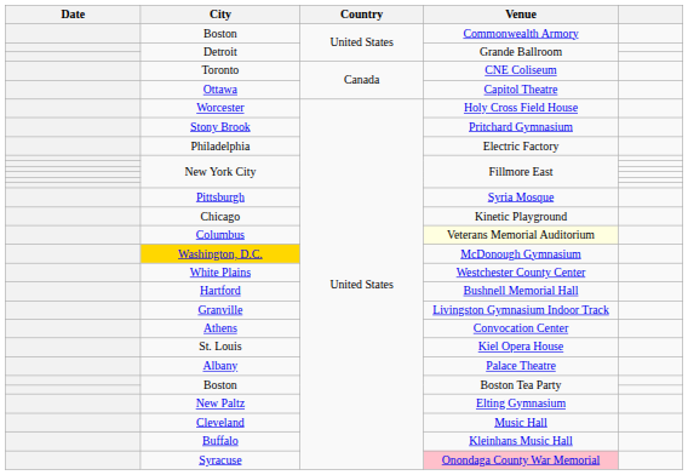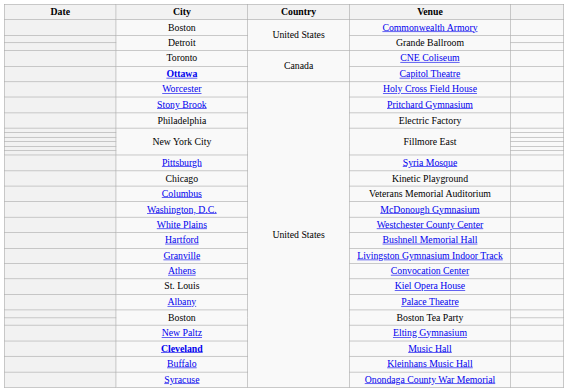 <table class="wikitable sortable plainrowheaders" style="text-align:center;">
 <tr>
 <th scope="col" style="width:11em;">Date</th>
 <th scope="col" style="width:13em;">City</th>
 <th scope="col" style="width:10em;">Country</th>
 <th scope="col" style="width:16em;">Venue</th>
 <th scope="col" style="width:5em;" class="unsortable"></th>
 </tr>
 <tr>
 <th scope="row"></th>
 <td>Boston</td>
 <td rowspan="3">United States</td>
 <td><a href='#'>Commonwealth Armory</a></td>
 <td></td>
 </tr>
 <tr>
 <th scope="row"></th>
 <td rowspan="2">Detroit</td>
 <td rowspan="2">Grande Ballroom</td>
 <td></td>
 </tr>
 <tr>
 <th scope="row"></th>
 <td></td>
 </tr>
 <tr>
 <th scope="row"></th>
 <td>Toronto</td>
 <td rowspan="2">Canada</td>
 <td><a href='#'>CNE Coliseum</a></td>
 <td></td>
 </tr>
 <tr>
 <th scope="row"></th>
-<td><a href='#'>Ottawa</a></td>
+<td><strong><a href='#'>Ottawa</a></strong></td>
 <td><a href='#'>Capitol Theatre</a></td>
 <td></td>
 </tr>
 <tr>
 <th scope="row"></th>
 <td><a href='#'>Worcester</a></td>
 <td rowspan="25">United States</td>
 <td><a href='#'>Holy Cross Field House</a></td>
 <td></td>
 </tr>
 <tr>
 <th scope="row"></th>
 <td><a href='#'>Stony Brook</a></td>
 <td><a href='#'>Pritchard Gymnasium</a></td>
 <td></td>
 </tr>
 <tr>
 <th scope="row"></th>
 <td>Philadelphia</td>
 <td>Electric Factory</td>
 <td></td>
 </tr>
 <tr>
 <th scope="row"></th>
 <td rowspan="6">New York City</td>
 <td rowspan="6">Fillmore East</td>
 <td></td>
 </tr>
 <tr>
 <th scope="row"></th>
 <td></td>
 </tr>
 <tr>
 <th scope="row"></th>
 <td></td>
 </tr>
 <tr>
 <th scope="row"></th>
 <td></td>
 </tr>
 <tr>
 <th scope="row"></th>
 <td></td>
 </tr>
 <tr>
 <th scope="row"></th>
 <td></td>
 </tr>
 <tr>
 <th scope="row"></th>
 <td><a href='#'>Pittsburgh</a></td>
 <td><a href='#'>Syria Mosque</a></td>
 <td></td>
 </tr>
 <tr>
 <th scope="row"></th>
 <td>Chicago</td>
 <td>Kinetic Playground</td>
 <td></td>
 </tr>
 <tr>
 <th scope="row"></th>
 <td><a href='#'>Columbus</a></td>
-<td style="background: lightyellow;">Veterans Memorial Auditorium</td>
+<td>Veterans Memorial Auditorium</td>
 <td></td>
 </tr>
 <tr>
 <th scope="row"></th>
-<td style="background: gold;"><a href='#'>Washington, D.C.</a></td>
+<td><a href='#'>Washington, D.C.</a></td>
 <td><a href='#'>McDonough Gymnasium</a></td>
 <td></td>
 </tr>
 <tr>
 <th scope="row"></th>
 <td><a href='#'>White Plains</a></td>
 <td><a href='#'>Westchester County Center</a></td>
 <td></td>
 </tr>
 <tr>
 <th scope="row"></th>
 <td><a href='#'>Hartford</a></td>
 <td><a href='#'>Bushnell Memorial Hall</a></td>
 <td></td>
 </tr>
 <tr>
 <th scope="row"></th>
 <td><a href='#'>Granville</a></td>
 <td><a href='#'>Livingston Gymnasium Indoor Track</a></td>
 <td></td>
 </tr>
 <tr>
 <th scope="row"></th>
 <td><a href='#'>Athens</a></td>
 <td><a href='#'>Convocation Center</a></td>
 <td></td>
 </tr>
 <tr>
 <th scope="row"></th>
 <td>St. Louis</td>
 <td><a href='#'>Kiel Opera House</a></td>
 <td></td>
 </tr>
 <tr>
 <th scope="row"></th>
 <td><a href='#'>Albany</a></td>
 <td><a href='#'>Palace Theatre</a></td>
 <td></td>
 </tr>
 <tr>
 <th scope="row"></th>
 <td rowspan="2">Boston</td>
 <td rowspan="2">Boston Tea Party</td>
 <td></td>
 </tr>
 <tr>
 <th scope="row"></th>
 <td></td>
 </tr>
 <tr>
 <th scope="row"></th>
 <td><a href='#'>New Paltz</a></td>
 <td><a href='#'>Elting Gymnasium</a></td>
 <td></td>
 </tr>
 <tr>
 <th scope="row"></th>
-<td><a href='#'>Cleveland</a></td>
+<td><strong><a href='#'>Cleveland</a></strong></td>
 <td><a href='#'>Music Hall</a></td>
 <td></td>
 </tr>
 <tr>
 <th scope="row"></th>
 <td><a href='#'>Buffalo</a></td>
 <td><a href='#'>Kleinhans Music Hall</a></td>
 <td></td>
 </tr>
 <tr>
 <th scope="row"></th>
 <td><a href='#'>Syracuse</a></td>
-<td style="background: pink;"><a href='#'>Onondaga County War Memorial</a></td>
+<td><a href='#'>Onondaga County War Memorial</a></td>
 <td></td>
 </tr>
 </table>
